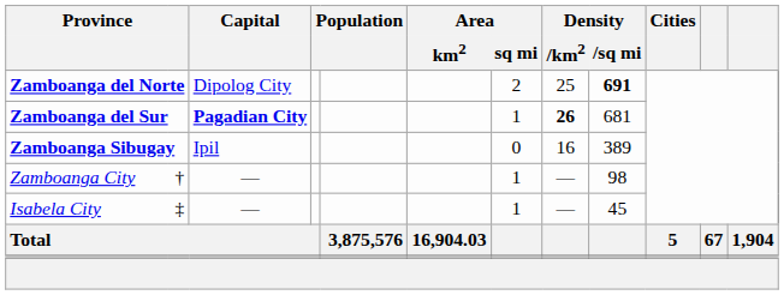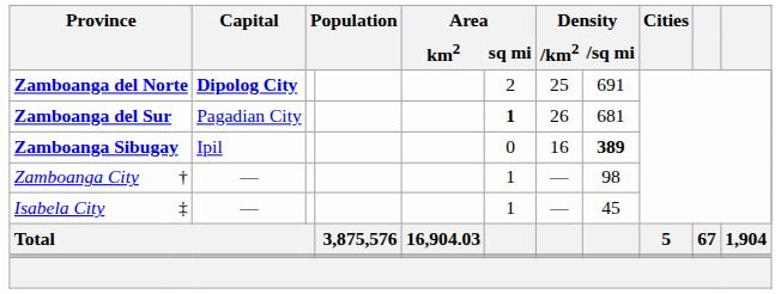 <table class="wikitable sortable" style="margin:auto;background-color:#FDFDFD;text-align:center;font-size:90%;border:1pt solid grey;">
 <tr>
 <th scope="col" style="border-bottom:none;" colspan=2 class="unsortable">Province </th>
 <th scope="col" style="border-bottom:none;" class="unsortable">Capital</th>
 <th scope="col" style="border-bottom:none;white-space:nowrap;" class="unsortable" colspan=2>Population </th>
 <th scope="col" style="border-bottom:none;" colspan=2>Area</th>
 <th scope="col" style="border-bottom:none;" colspan=2>Density</th>
 <th scope="col" style="border-bottom:none;" class="unsortable">Cities</th>
 <th scope="col" style="border-bottom:none;" class="unsortable"></th>
 <th scope="col" style="border-bottom:none;" class="unsortable"></th>
 </tr>
 <tr>
 <th scope="col" style="border-top:none;" colspan=2></th>
 <th scope="col" style="border-top:none;"></th>
 <th scope="col" style="border-top:none;" colspan=2></th>
 <th scope="col" style="border-style:none none solid solid;">km<sup>2</sup></th>
 <th scope="col" style="border-style:none solid solid none;white-space:nowrap;" class="unsortable">sq mi</th>
 <th scope="col" style="border-style:none none solid solid;">/km<sup>2</sup></th>
 <th scope="col" style="border-style:none solid solid none;white-space:nowrap;" class="unsortable">/sq mi</th>
 <th scope="col" style="border-top:none;"></th>
 <th scope="col" style="border-top:none;"></th>
 <th scope="col" style="border-top:none;"></th>
 </tr>
 <tr>
 <th scope="row" style="text-align:left;background-color:initial;" colspan=2><a href='#'>Zamboanga del Norte</a></th>
-<td style="text-align:left;"><a href='#'>Dipolog City</a></td>
+<td style="text-align:left;"><strong><a href='#'>Dipolog City</a></strong></td>
 <td></td>
 <td></td>
 <td></td>
 <td>2</td>
 <td>25</td>
-<td><strong>691</strong></td>
+<td>691</td>
 </tr>
 <tr>
 <th scope="row" style="text-align:left;background-color:initial;" colspan=2><a href='#'>Zamboanga del Sur</a></th>
-<td style="text-align:left;"><strong><a href='#'>Pagadian City</a></strong></td>
+<td style="text-align:left;"><a href='#'>Pagadian City</a></td>
 <td></td>
 <td></td>
 <td></td>
-<td>1</td>
-<td><strong>26</strong></td>
+<td><strong>1</strong></td>
+<td>26</td>
 <td>681</td>
 </tr>
 <tr>
 <th scope="row" style="text-align:left;background-color:initial;" colspan=2><a href='#'>Zamboanga Sibugay</a></th>
 <td style="text-align:left;"><a href='#'>Ipil</a></td>
 <td></td>
 <td></td>
 <td></td>
 <td>0</td>
 <td>16</td>
-<td>389</td>
+<td><strong>389</strong></td>
 </tr>
 <tr>
 <th scope="row" style="text-align:left;background-color:initial;border-right:0;font-weight:normal;font-style:italic;"><a href='#'>Zamboanga City</a></th>
 <td style="text-align:right;border-left:0;">†</td>
 <td>—</td>
 <td></td>
 <td></td>
 <td></td>
 <td>1</td>
 <td>—</td>
 <td>98</td>
 </tr>
 <tr>
 <th scope="row" style="text-align:left;background-color:initial;border-right:0;font-weight:normal;font-style:italic;"><a href='#'>Isabela City</a></th>
 <td style="text-align:right;border-left:0;">‡</td>
 <td>—</td>
 <td></td>
 <td></td>
 <td></td>
 <td>1</td>
 <td>—</td>
 <td>45</td>
 </tr>
 <tr class="sortbottom">
 <th scope="row" colspan=4 style="text-align:left;">Total</th>
 <th scope="col" style="text-align:right;">3,875,576</th>
 <th scope="col" style="text-align:right;">16,904.03</th>
 <th scope="col" style="text-align:right;"></th>
 <th scope="col" style="text-align:right;"></th>
 <th scope="col" style="text-align:right;"></th>
 <th scope="col">5</th>
 <th scope="col">67</th>
 <th scope="col">1,904</th>
 </tr>
 <tr class="sortbottom" style="text-align:left;background-color:#F2F2F2;border-top:double grey;">
 <td colspan=13 style="padding-left:1em;"><br></td>
 </tr>
 </table>
